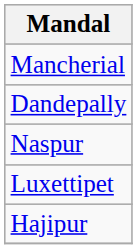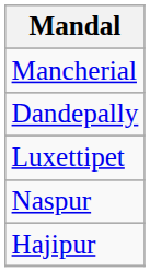 <table class="wikitable sortable static-row-numbers static-row-header-hash">
 <tr>
 <th>Mandal</th>
 </tr>
 <tr>
 <td><a href='#'>Mancherial</a></td>
 </tr>
 <tr>
 <td><a href='#'>Dandepally</a></td>
 </tr>
 <tr>
-<td><a href='#'>Naspur</a></td>
+<td><a href='#'>Luxettipet</a></td>
 </tr>
 <tr>
-<td><a href='#'>Luxettipet</a></td>
+<td><a href='#'>Naspur</a></td>
 </tr>
 <tr>
 <td><a href='#'>Hajipur</a></td>
 </tr>
 <tr>
 </tr>
 </table>
